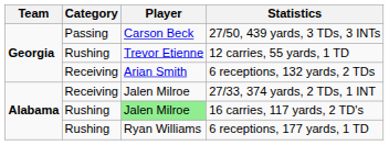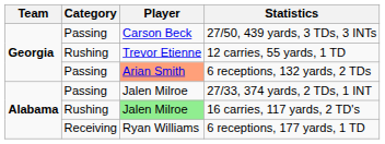 <table class="wikitable" style="float: right;">
 <tr>
 <th>Team</th>
 <th>Category</th>
 <th>Player</th>
 <th>Statistics</th>
 </tr>
 <tr>
 <td rowspan=3><strong>Georgia</strong></td>
 <td>Passing</td>
 <td><a href='#'>Carson Beck</a></td>
 <td>27/50, 439 yards, 3 TDs, 3 INTs</td>
 </tr>
 <tr>
 <td>Rushing</td>
 <td><a href='#'>Trevor Etienne</a></td>
 <td>12 carries, 55 yards, 1 TD</td>
 </tr>
 <tr>
-<td>Receiving</td>
-<td><a href='#'>Arian Smith</a></td>
+<td>Passing</td>
+<td style="background: lightsalmon;"><a href='#'>Arian Smith</a></td>
 <td>6 receptions, 132 yards, 2 TDs</td>
 </tr>
 <tr>
 <td rowspan=3><strong>Alabama</strong></td>
-<td>Receiving</td>
+<td>Passing</td>
 <td>Jalen Milroe</td>
 <td>27/33, 374 yards, 2 TDs, 1 INT</td>
 </tr>
 <tr>
 <td>Rushing</td>
 <td style="background: lightgreen;">Jalen Milroe</td>
 <td>16 carries, 117 yards, 2 TD's</td>
 </tr>
 <tr>
-<td>Rushing</td>
+<td>Receiving</td>
 <td>Ryan Williams</td>
 <td>6 receptions, 177 yards, 1 TD</td>
 </tr>
 </table>
